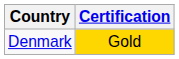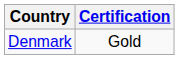 <table class="wikitable" border="1">
 <tr>
 <th>Country</th>
 <th><a href='#'>Certification</a></th>
 </tr>
 <tr>
 <td><a href='#'>Denmark</a></td>
-<td style="background: gold; text-align:center;">Gold</td>
+<td style="text-align:center;">Gold</td>
 </tr>
 </table>
